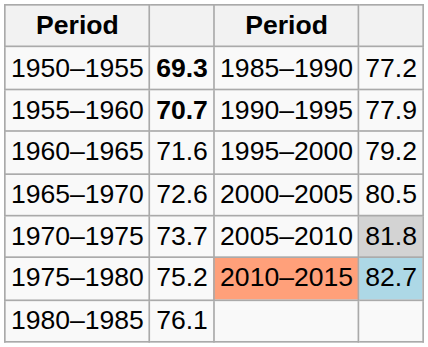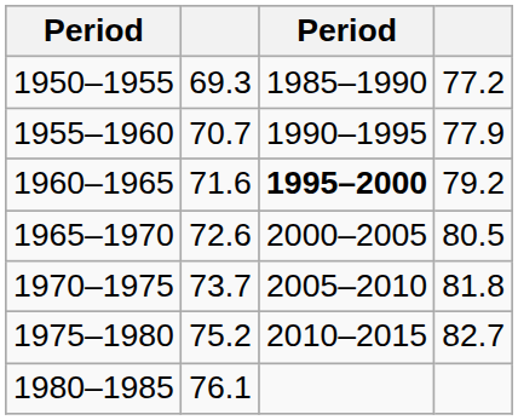 <table class="wikitable" style="text-align: center;">
 <tr>
 <th>Period</th>
 <th></th>
 <th>Period</th>
 <th></th>
 </tr>
 <tr>
 <td>1950–1955</td>
-<td><strong>69.3</strong></td>
+<td>69.3</td>
 <td>1985–1990</td>
 <td>77.2</td>
 </tr>
 <tr>
 <td>1955–1960</td>
-<td><strong>70.7</strong></td>
+<td>70.7</td>
 <td>1990–1995</td>
 <td>77.9</td>
 </tr>
 <tr>
 <td>1960–1965</td>
 <td>71.6</td>
-<td>1995–2000</td>
+<td><strong>1995–2000</strong></td>
 <td>79.2</td>
 </tr>
 <tr>
 <td>1965–1970</td>
 <td>72.6</td>
 <td>2000–2005</td>
 <td>80.5</td>
 </tr>
 <tr>
 <td>1970–1975</td>
 <td>73.7</td>
 <td>2005–2010</td>
-<td style="background: lightgrey;">81.8</td>
+<td>81.8</td>
 </tr>
 <tr>
 <td>1975–1980</td>
 <td>75.2</td>
-<td style="background: lightsalmon;">2010–2015</td>
-<td style="background: lightblue;">82.7</td>
+<td>2010–2015</td>
+<td>82.7</td>
 </tr>
 <tr>
 <td>1980–1985</td>
 <td>76.1</td>
 <td></td>
 <td></td>
 </tr>
 </table>
